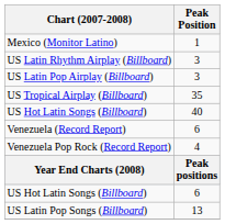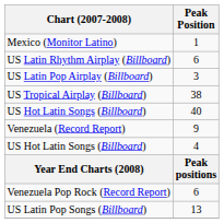 <table class="wikitable">
 <tr>
 <th align="center">Chart (2007-2008)</th>
 <th align="center">Peak<br>Position</th>
 </tr>
 <tr>
 <td align="left">Mexico (<a href='#'>Monitor Latino</a>)</td>
 <td align="center">1</td>
 </tr>
 <tr>
 <td align="left">US <a href='#'>Latin Rhythm Airplay</a> (<em><a href='#'>Billboard</a></em>)</td>
-<td align="center">3</td>
+<td align="center">6</td>
 </tr>
 <tr>
 <td align="left">US <a href='#'>Latin Pop Airplay</a> (<em><a href='#'>Billboard</a></em>)</td>
 <td align="center">3</td>
 </tr>
 <tr>
 <td align="left">US <a href='#'>Tropical Airplay</a> (<em><a href='#'>Billboard</a></em>)</td>
-<td align="center">35</td>
+<td align="center">38</td>
 </tr>
 <tr>
 <td align="left">US <a href='#'>Hot Latin Songs</a> (<em><a href='#'>Billboard</a></em>)</td>
 <td align="center">40</td>
 </tr>
 <tr>
 <td>Venezuela (<a href='#'>Record Report</a>)</td>
-<td align="center">6</td>
+<td align="center">9</td>
 </tr>
 <tr>
-<td>Venezuela Pop Rock (<a href='#'>Record Report</a>)</td>
+<td align="left">US Hot Latin Songs (<em><a href='#'>Billboard</a></em>)</td>
 <td align="center">4</td>
 </tr>
 <tr bgcolor="#ebf5ff">
 <th align="center">Year End Charts (2008)</th>
 <th align="center">Peak<br>positions</th>
 </tr>
 <tr>
-<td align="left">US Hot Latin Songs (<em><a href='#'>Billboard</a></em>)</td>
+<td>Venezuela Pop Rock (<a href='#'>Record Report</a>)</td>
 <td align="center">6</td>
 </tr>
 <tr>
 <td align="left">US Latin Pop Songs (<em><a href='#'>Billboard</a></em>)</td>
 <td align="center">13</td>
 </tr>
 <tr>
 </tr>
 </table>
